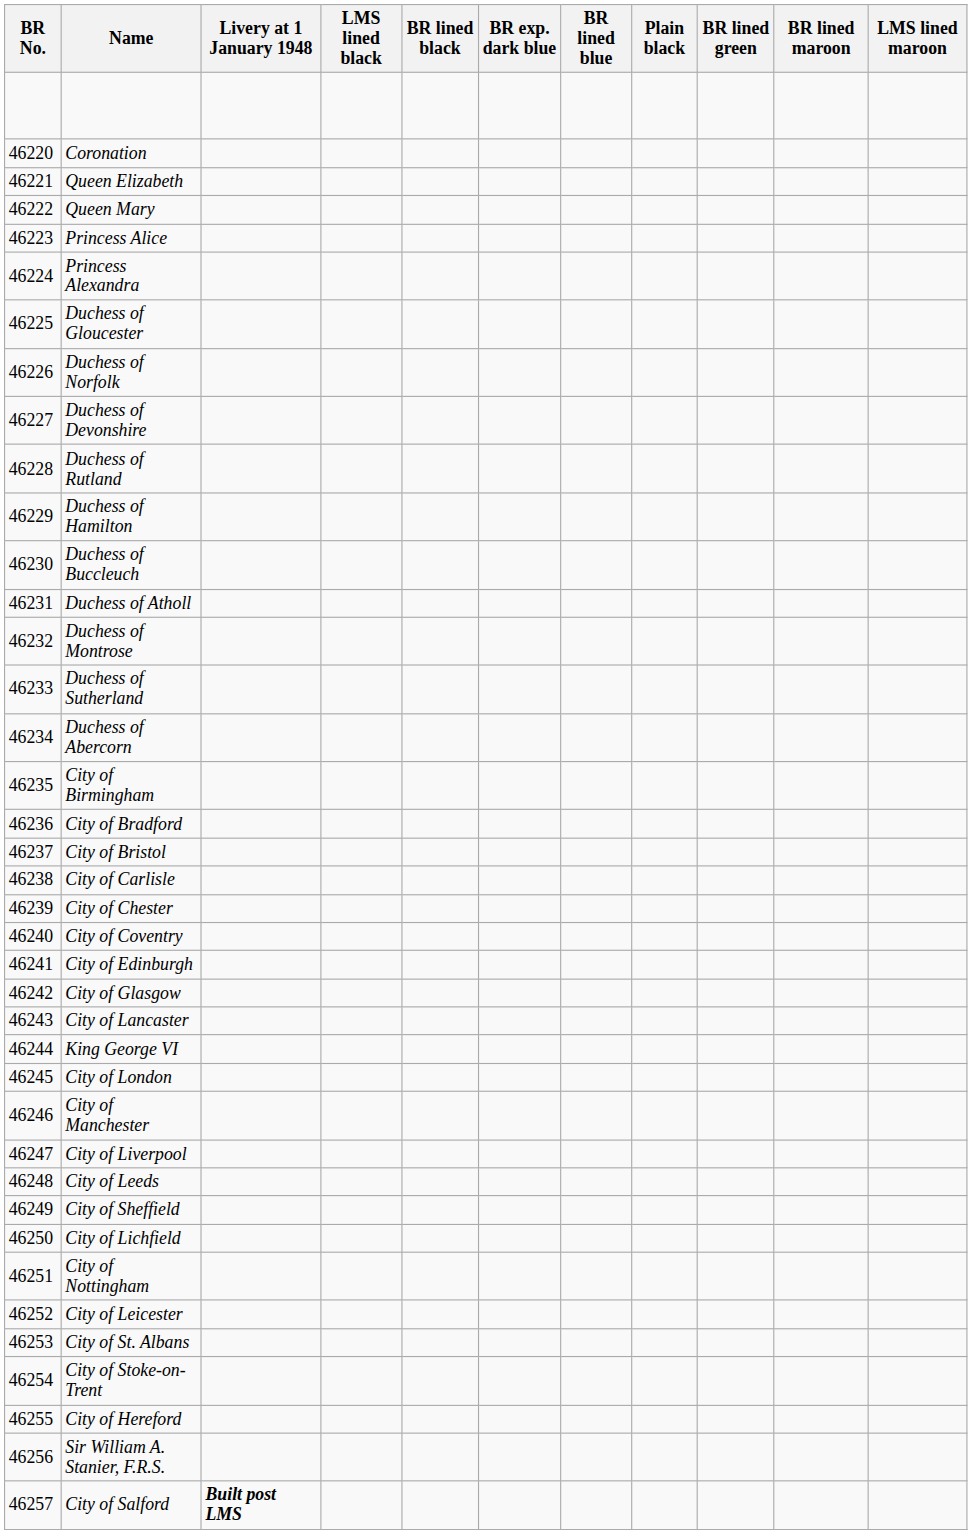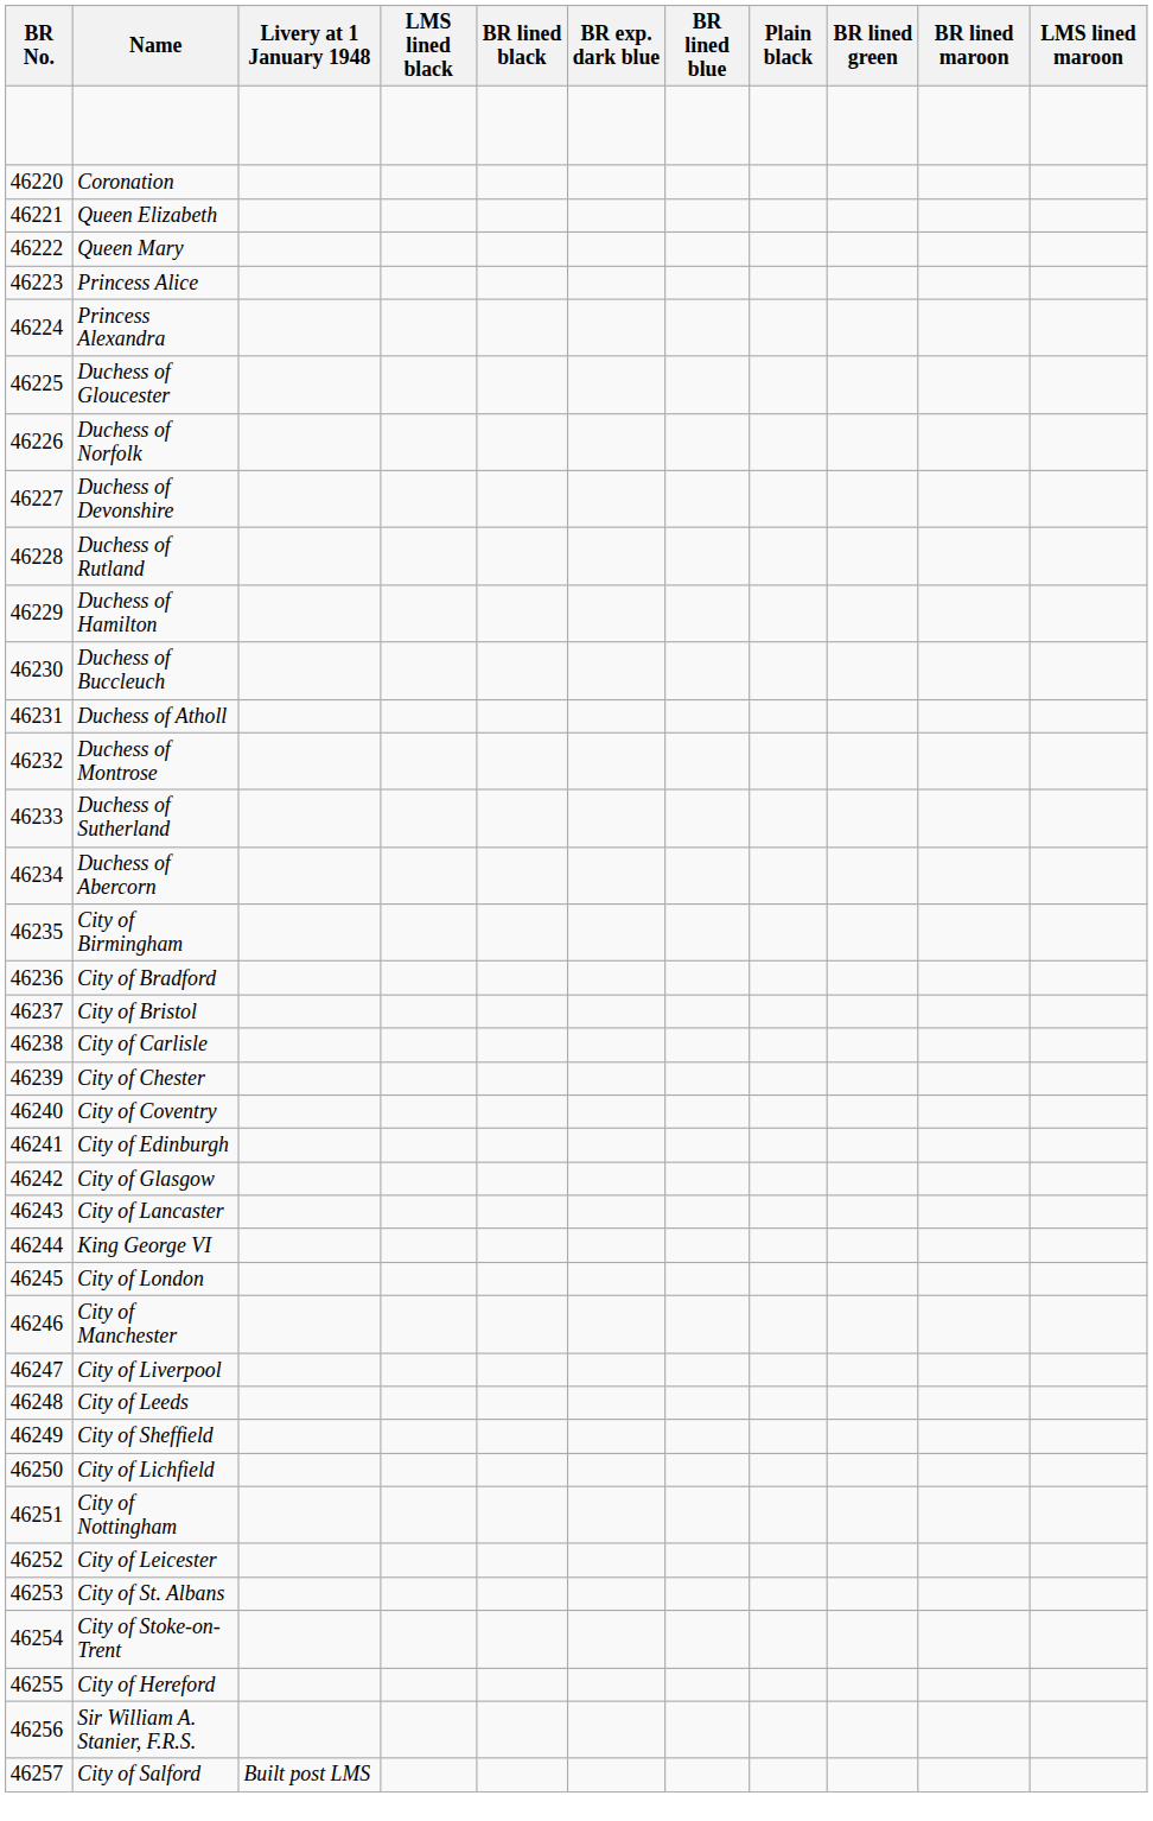 <table class="wikitable sortable collapsible collapsed">
 <tr>
 <th>BR No.</th>
 <th>Name</th>
 <th>Livery at 1 January 1948</th>
 <th>LMS lined black</th>
 <th>BR lined black</th>
 <th>BR exp. dark blue</th>
 <th>BR lined blue</th>
 <th>Plain black</th>
 <th>BR lined green</th>
 <th>BR lined maroon</th>
 <th>LMS lined maroon</th>
 </tr>
 <tr style="height: 60px;"'>
 <td></td>
 <td></td>
 <td></td>
 <td></td>
 <td></td>
 <td></td>
 <td></td>
 <td></td>
 <td></td>
 <td></td>
 <td></td>
 </tr>
 <tr>
 <td>46220</td>
 <td><em>Coronation</em></td>
 <td></td>
 <td></td>
 <td></td>
 <td></td>
 <td></td>
 <td></td>
 <td></td>
 <td></td>
 <td></td>
 </tr>
 <tr>
 <td>46221</td>
 <td><em>Queen Elizabeth</em></td>
 <td></td>
 <td></td>
 <td></td>
 <td></td>
 <td></td>
 <td></td>
 <td></td>
 <td></td>
 <td></td>
 </tr>
 <tr>
 <td>46222</td>
 <td><em>Queen Mary</em></td>
 <td></td>
 <td></td>
 <td></td>
 <td></td>
 <td></td>
 <td></td>
 <td></td>
 <td></td>
 <td></td>
 </tr>
 <tr>
 <td>46223</td>
 <td><em>Princess Alice</em></td>
 <td></td>
 <td></td>
 <td></td>
 <td></td>
 <td></td>
 <td></td>
 <td></td>
 <td></td>
 <td></td>
 </tr>
 <tr>
 <td>46224</td>
 <td><em>Princess Alexandra</em></td>
 <td></td>
 <td></td>
 <td></td>
 <td></td>
 <td></td>
 <td></td>
 <td></td>
 <td></td>
 <td></td>
 </tr>
 <tr>
 <td>46225</td>
 <td><em>Duchess of Gloucester</em></td>
 <td></td>
 <td></td>
 <td></td>
 <td></td>
 <td></td>
 <td></td>
 <td></td>
 <td></td>
 <td></td>
 </tr>
 <tr>
 <td>46226</td>
 <td><em>Duchess of Norfolk</em></td>
 <td></td>
 <td></td>
 <td></td>
 <td></td>
 <td></td>
 <td></td>
 <td></td>
 <td></td>
 <td></td>
 </tr>
 <tr>
 <td>46227</td>
 <td><em>Duchess of Devonshire</em></td>
 <td></td>
 <td></td>
 <td></td>
 <td></td>
 <td></td>
 <td></td>
 <td></td>
 <td></td>
 <td></td>
 </tr>
 <tr>
 <td>46228</td>
 <td><em>Duchess of Rutland</em></td>
 <td></td>
 <td></td>
 <td></td>
 <td></td>
 <td></td>
 <td></td>
 <td></td>
 <td></td>
 <td></td>
 </tr>
 <tr>
 <td>46229</td>
 <td><em>Duchess of Hamilton</em></td>
 <td></td>
 <td></td>
 <td></td>
 <td></td>
 <td></td>
 <td></td>
 <td></td>
 <td></td>
 <td></td>
 </tr>
 <tr>
 <td>46230</td>
 <td><em>Duchess of Buccleuch</em></td>
 <td></td>
 <td></td>
 <td></td>
 <td></td>
 <td></td>
 <td></td>
 <td></td>
 <td></td>
 <td></td>
 </tr>
 <tr>
 <td>46231</td>
 <td><em>Duchess of Atholl</em></td>
 <td></td>
 <td></td>
 <td></td>
 <td></td>
 <td></td>
 <td></td>
 <td></td>
 <td></td>
 <td></td>
 </tr>
 <tr>
 <td>46232</td>
 <td><em>Duchess of Montrose</em></td>
 <td></td>
 <td></td>
 <td></td>
 <td></td>
 <td></td>
 <td></td>
 <td></td>
 <td></td>
 <td></td>
 </tr>
 <tr>
 <td>46233</td>
 <td><em>Duchess of Sutherland</em></td>
 <td></td>
 <td></td>
 <td></td>
 <td></td>
 <td></td>
 <td></td>
 <td></td>
 <td></td>
 <td></td>
 </tr>
 <tr>
 <td>46234</td>
 <td><em>Duchess of Abercorn</em></td>
 <td></td>
 <td></td>
 <td></td>
 <td></td>
 <td></td>
 <td></td>
 <td></td>
 <td></td>
 <td></td>
 </tr>
 <tr>
 <td>46235</td>
 <td><em>City of Birmingham</em></td>
 <td></td>
 <td></td>
 <td></td>
 <td></td>
 <td></td>
 <td></td>
 <td></td>
 <td></td>
 <td></td>
 </tr>
 <tr>
 <td>46236</td>
 <td><em>City of Bradford</em></td>
 <td></td>
 <td></td>
 <td></td>
 <td></td>
 <td></td>
 <td></td>
 <td></td>
 <td></td>
 <td></td>
 </tr>
 <tr>
 <td>46237</td>
 <td><em>City of Bristol</em></td>
 <td></td>
 <td></td>
 <td></td>
 <td></td>
 <td></td>
 <td></td>
 <td></td>
 <td></td>
 <td></td>
 </tr>
 <tr>
 <td>46238</td>
 <td><em>City of Carlisle</em></td>
 <td></td>
 <td></td>
 <td></td>
 <td></td>
 <td></td>
 <td></td>
 <td></td>
 <td></td>
 <td></td>
 </tr>
 <tr>
 <td>46239</td>
 <td><em>City of Chester</em></td>
 <td></td>
 <td></td>
 <td></td>
 <td></td>
 <td></td>
 <td></td>
 <td></td>
 <td></td>
 <td></td>
 </tr>
 <tr>
 <td>46240</td>
 <td><em>City of Coventry</em></td>
 <td></td>
 <td></td>
 <td></td>
 <td></td>
 <td></td>
 <td></td>
 <td></td>
 <td></td>
 <td></td>
 </tr>
 <tr>
 <td>46241</td>
 <td><em>City of Edinburgh</em></td>
 <td></td>
 <td></td>
 <td></td>
 <td></td>
 <td></td>
 <td></td>
 <td></td>
 <td></td>
 <td></td>
 </tr>
 <tr>
 <td>46242</td>
 <td><em>City of Glasgow</em></td>
 <td></td>
 <td></td>
 <td></td>
 <td></td>
 <td></td>
 <td></td>
 <td></td>
 <td></td>
 <td></td>
 </tr>
 <tr>
 <td>46243</td>
 <td><em>City of Lancaster</em></td>
 <td></td>
 <td></td>
 <td></td>
 <td></td>
 <td></td>
 <td></td>
 <td></td>
 <td></td>
 <td></td>
 </tr>
 <tr>
 <td>46244</td>
 <td><em>King George VI</em></td>
 <td></td>
 <td></td>
 <td></td>
 <td></td>
 <td></td>
 <td></td>
 <td></td>
 <td></td>
 <td></td>
 </tr>
 <tr>
 <td>46245</td>
 <td><em>City of London</em></td>
 <td></td>
 <td></td>
 <td></td>
 <td></td>
 <td></td>
 <td></td>
 <td></td>
 <td></td>
 <td></td>
 </tr>
 <tr>
 <td>46246</td>
 <td><em>City of Manchester</em></td>
 <td></td>
 <td></td>
 <td></td>
 <td></td>
 <td></td>
 <td></td>
 <td></td>
 <td></td>
 <td></td>
 </tr>
 <tr>
 <td>46247</td>
 <td><em>City of Liverpool</em></td>
 <td></td>
 <td></td>
 <td></td>
 <td></td>
 <td></td>
 <td></td>
 <td></td>
 <td></td>
 <td> <br> </td>
 </tr>
 <tr>
 <td>46248</td>
 <td><em>City of Leeds</em></td>
 <td></td>
 <td></td>
 <td></td>
 <td></td>
 <td></td>
 <td></td>
 <td></td>
 <td></td>
 <td></td>
 </tr>
 <tr>
 <td>46249</td>
 <td><em>City of Sheffield</em></td>
 <td></td>
 <td></td>
 <td></td>
 <td></td>
 <td></td>
 <td></td>
 <td></td>
 <td></td>
 <td></td>
 </tr>
 <tr>
 <td>46250</td>
 <td><em>City of Lichfield</em></td>
 <td></td>
 <td></td>
 <td></td>
 <td></td>
 <td></td>
 <td></td>
 <td></td>
 <td></td>
 <td></td>
 </tr>
 <tr>
 <td>46251</td>
 <td><em>City of Nottingham</em></td>
 <td></td>
 <td></td>
 <td></td>
 <td></td>
 <td></td>
 <td></td>
 <td></td>
 <td></td>
 <td></td>
 </tr>
 <tr>
 <td>46252</td>
 <td><em>City of Leicester</em></td>
 <td></td>
 <td></td>
 <td></td>
 <td></td>
 <td></td>
 <td></td>
 <td></td>
 <td></td>
 <td></td>
 </tr>
 <tr>
 <td>46253</td>
 <td><em>City of St. Albans</em></td>
 <td></td>
 <td></td>
 <td></td>
 <td></td>
 <td></td>
 <td></td>
 <td></td>
 <td></td>
 <td></td>
 </tr>
 <tr>
 <td>46254</td>
 <td><em>City of Stoke-on-Trent</em></td>
 <td></td>
 <td></td>
 <td></td>
 <td></td>
 <td></td>
 <td></td>
 <td></td>
 <td></td>
 <td></td>
 </tr>
 <tr>
 <td>46255</td>
 <td><em>City of Hereford</em></td>
 <td></td>
 <td></td>
 <td></td>
 <td></td>
 <td></td>
 <td></td>
 <td></td>
 <td></td>
 <td></td>
 </tr>
 <tr>
 <td>46256</td>
 <td><em>Sir William A. Stanier, F.R.S.</em></td>
 <td></td>
 <td></td>
 <td></td>
 <td></td>
 <td></td>
 <td></td>
 <td></td>
 <td></td>
 <td></td>
 </tr>
 <tr>
 <td>46257</td>
 <td><em>City of Salford</em></td>
-<td><strong><em>Built post LMS</em></strong></td>
+<td><em>Built post LMS</em></td>
 <td></td>
 <td></td>
 <td></td>
 <td></td>
 <td></td>
 <td></td>
 <td></td>
 <td></td>
 </tr>
 <tr>
 </tr>
 </table>
